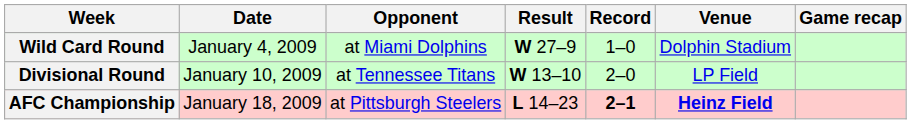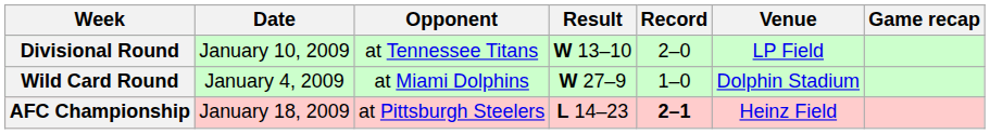 <table class="wikitable" style="text-align:center">
 <tr>
 <th>Week</th>
 <th>Date</th>
 <th>Opponent</th>
 <th>Result</th>
 <th>Record</th>
 <th>Venue</th>
 <th>Game recap</th>
 </tr>
 <tr style="background:#cfc">
+<th>Divisional Round</th>
+<td>January 10, 2009</td>
+<td>at <a href='#'>Tennessee Titans</a></td>
+<td><strong>W</strong> 13–10</td>
+<td>2–0</td>
+<td><a href='#'>LP Field</a></td>
+<td></td>
+</tr>
+<tr style="background:#cfc">
 <th>Wild Card Round</th>
 <td>January 4, 2009</td>
 <td>at <a href='#'>Miami Dolphins</a></td>
 <td><strong>W</strong> 27–9</td>
 <td>1–0</td>
 <td><a href='#'>Dolphin Stadium</a></td>
 <td></td>
 </tr>
-<tr style="background:#cfc">
-<th>Divisional Round</th>
-<td>January 10, 2009</td>
-<td>at <a href='#'>Tennessee Titans</a></td>
-<td><strong>W</strong> 13–10</td>
-<td>2–0</td>
-<td><a href='#'>LP Field</a></td>
-<td></td>
-</tr>
 <tr style="background:#fcc">
 <th>AFC Championship</th>
 <td>January 18, 2009</td>
 <td>at <a href='#'>Pittsburgh Steelers</a></td>
 <td><strong>L</strong> 14–23</td>
 <td><strong>2–1</strong></td>
-<td><strong><a href='#'>Heinz Field</a></strong></td>
+<td><a href='#'>Heinz Field</a></td>
 <td></td>
 </tr>
 </table>
